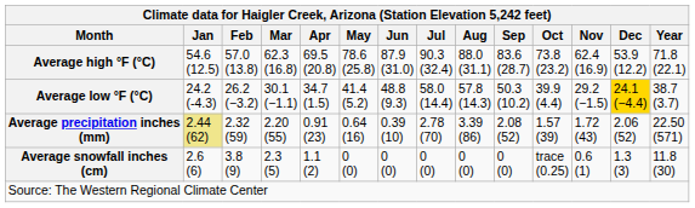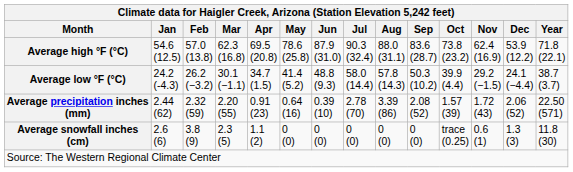 <table class="wikitable mw-collapsible">
 <tr>
 <th colspan="14">Climate data for Haigler Creek, Arizona (Station Elevation 5,242 feet)</th>
 </tr>
 <tr>
 <th>Month</th>
 <th>Jan</th>
 <th>Feb</th>
 <th>Mar</th>
 <th>Apr</th>
 <th>May</th>
 <th>Jun</th>
 <th>Jul</th>
 <th>Aug</th>
 <th>Sep</th>
 <th>Oct</th>
 <th>Nov</th>
 <th>Dec</th>
 <th>Year</th>
 </tr>
 <tr>
 <th>Average high °F (°C)</th>
 <td>54.6<br>(12.5)</td>
 <td>57.0<br>(13.8)</td>
 <td>62.3<br>(16.8)</td>
 <td>69.5<br>(20.8)</td>
 <td>78.6<br>(25.8)</td>
 <td>87.9<br>(31.0)</td>
 <td>90.3<br>(32.4)</td>
 <td>88.0<br>(31.1)</td>
 <td>83.6<br>(28.7)</td>
 <td>73.8<br>(23.2)</td>
 <td>62.4<br>(16.9)</td>
 <td>53.9<br>(12.2)</td>
 <td>71.8<br>(22.1)</td>
 </tr>
 <tr>
 <th>Average low °F (°C)</th>
 <td>24.2<br>(-4.3)</td>
 <td>26.2<br>(−3.2)</td>
 <td>30.1<br>(−1.1)</td>
 <td>34.7<br>(1.5)</td>
 <td>41.4<br>(5.2)</td>
 <td>48.8<br>(9.3)</td>
 <td>58.0<br>(14.4)</td>
 <td>57.8<br>(14.3)</td>
 <td>50.3<br>(10.2)</td>
 <td>39.9<br>(4.4)</td>
 <td>29.2<br>(−1.5)</td>
-<td style="background: gold;">24.1<br>(−4.4)</td>
+<td>24.1<br>(−4.4)</td>
 <td>38.7<br>(3.7)</td>
 </tr>
 <tr>
 <th>Average <a href='#'>precipitation</a> inches (mm)</th>
-<td style="background: khaki;">2.44<br>(62)</td>
+<td>2.44<br>(62)</td>
 <td>2.32<br>(59)</td>
 <td>2.20<br>(55)</td>
 <td>0.91<br>(23)</td>
 <td>0.64<br>(16)</td>
 <td>0.39<br>(10)</td>
 <td>2.78<br>(70)</td>
 <td>3.39<br>(86)</td>
 <td>2.08<br>(52)</td>
 <td>1.57<br>(39)</td>
 <td>1.72<br>(43)</td>
 <td>2.06<br>(52)</td>
 <td>22.50<br>(571)</td>
 </tr>
 <tr>
 <th>Average snowfall inches (cm)</th>
 <td>2.6<br>(6)</td>
 <td>3.8<br>(9)</td>
 <td>2.3<br>(5)</td>
 <td>1.1<br>(2)</td>
 <td>0<br>(0)</td>
 <td>0<br>(0)</td>
 <td>0<br>(0)</td>
 <td>0<br>(0)</td>
 <td>0<br>(0)</td>
 <td>trace<br>(0.25)</td>
 <td>0.6<br>(1)</td>
 <td>1.3<br>(3)</td>
 <td>11.8<br>(30)</td>
 </tr>
 <tr>
 <td colspan="14">Source: The Western Regional Climate Center</td>
 </tr>
 </table>
